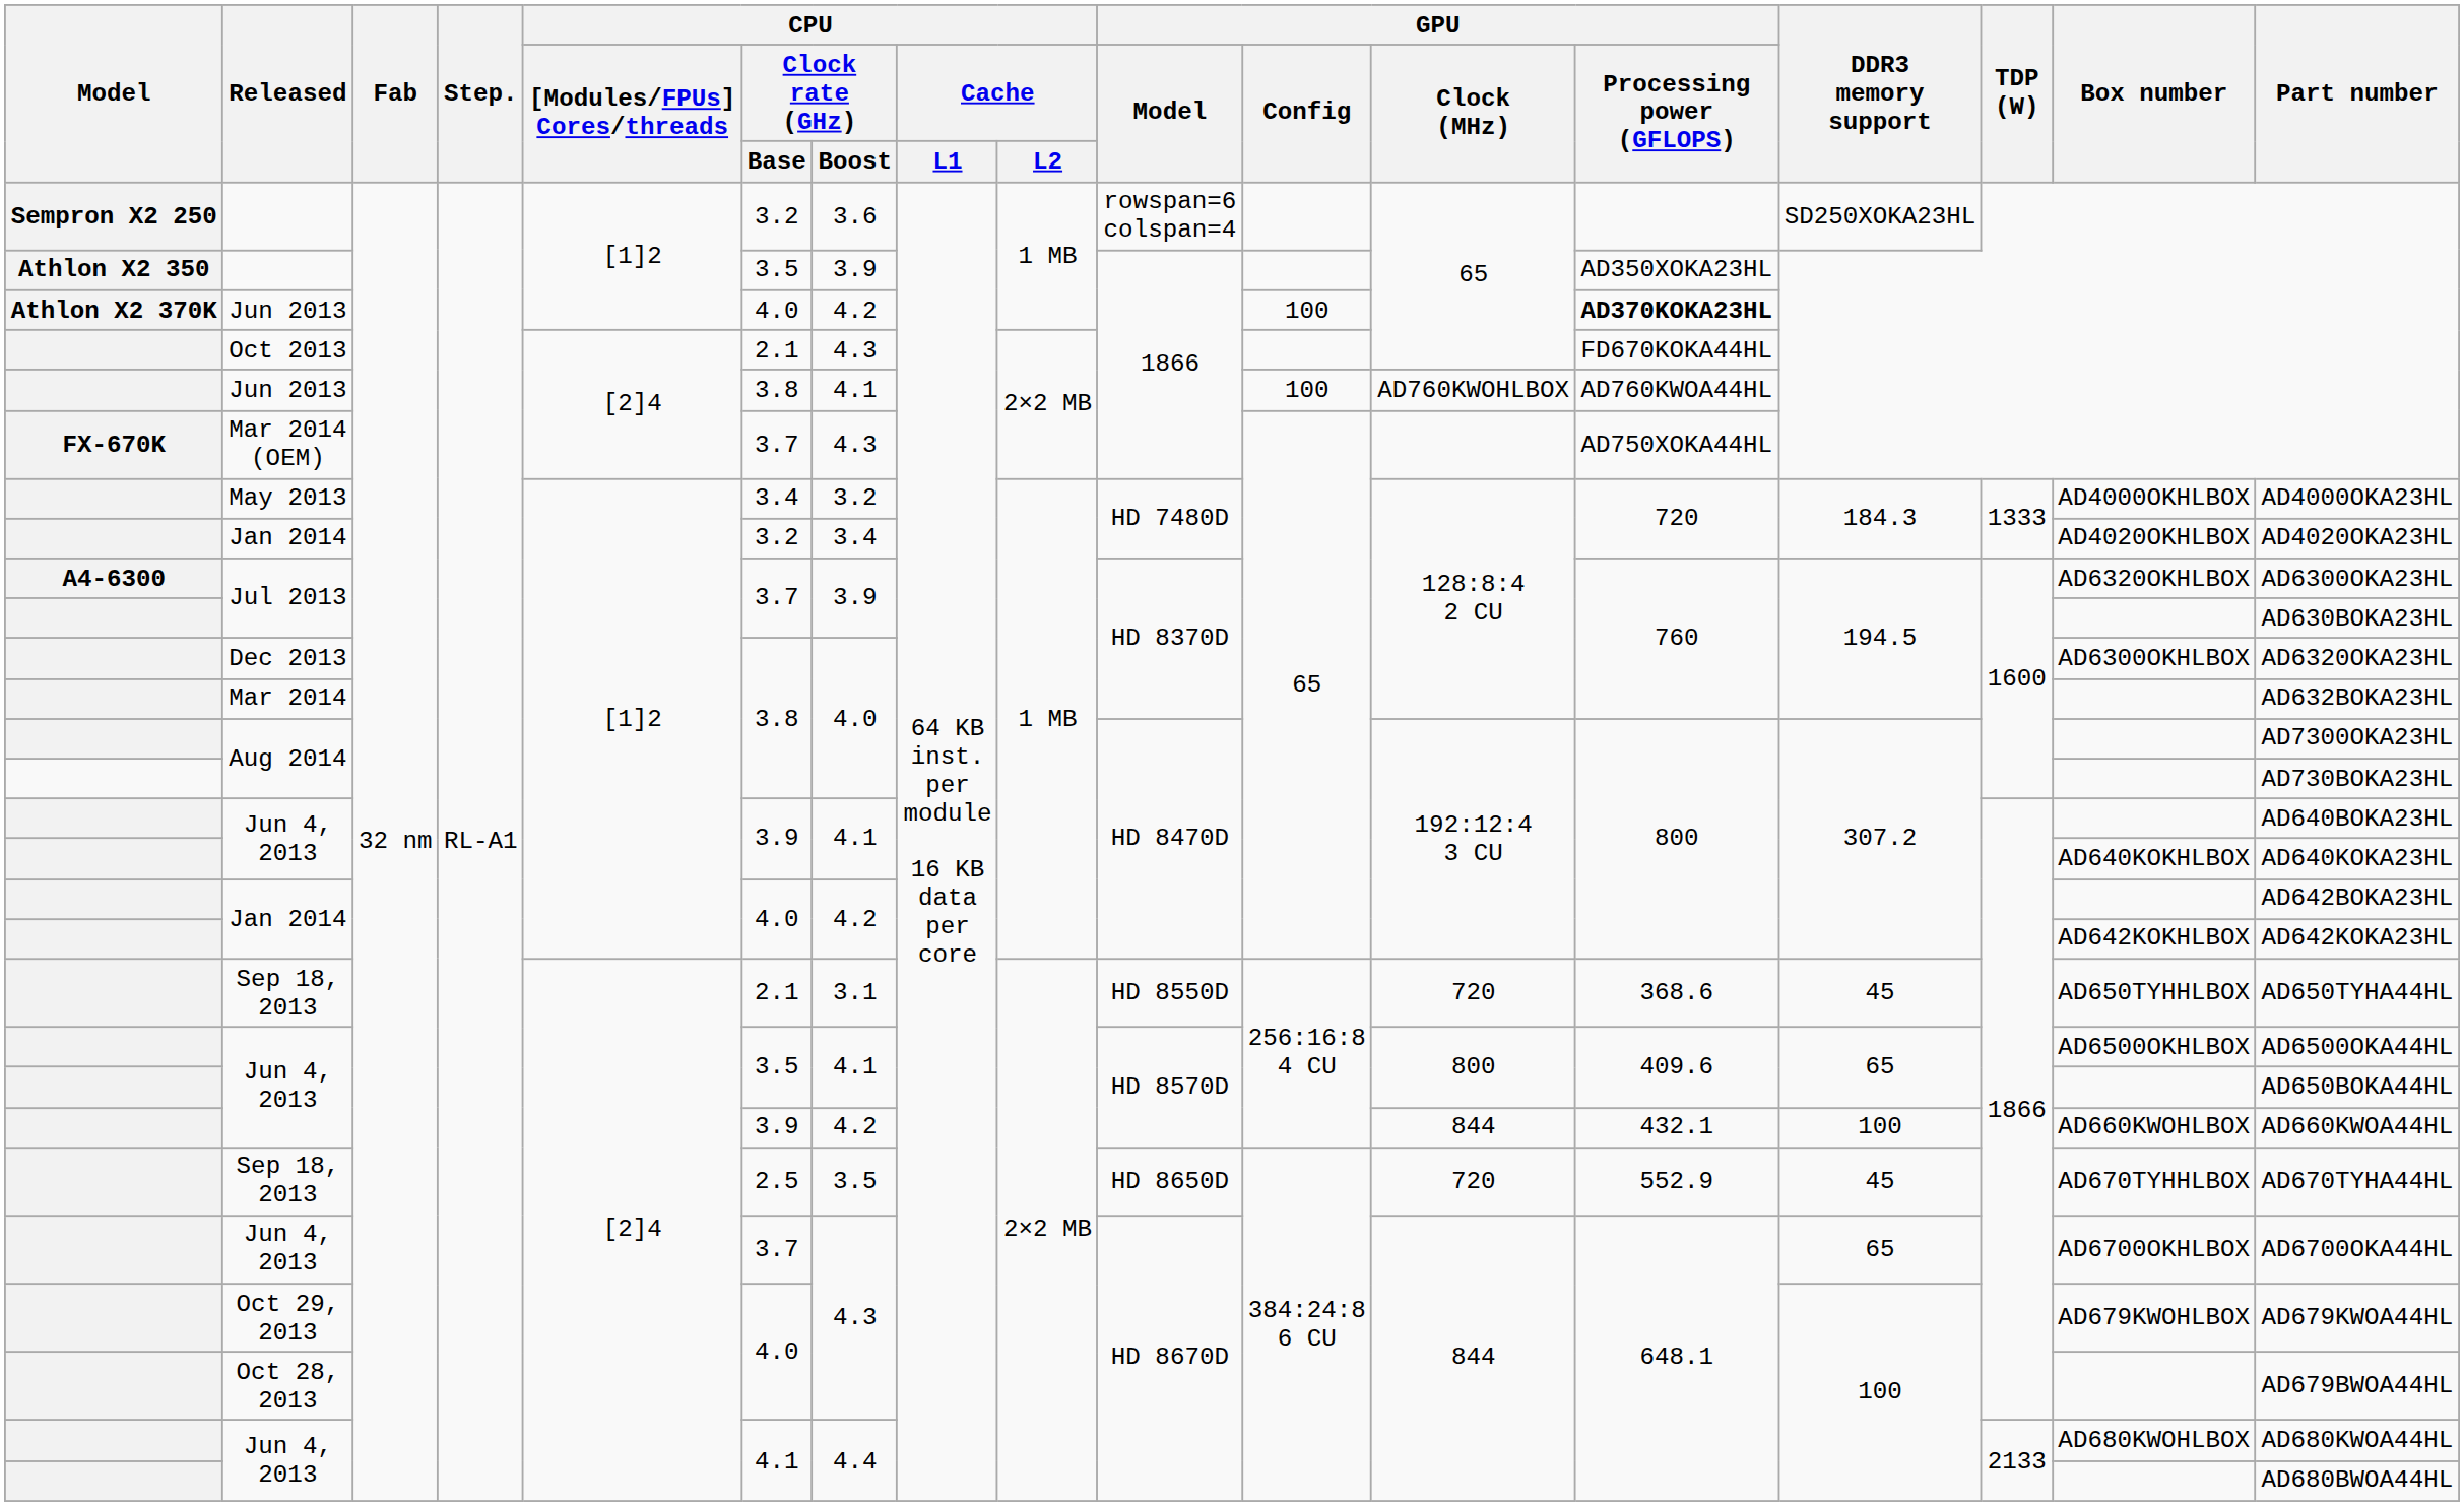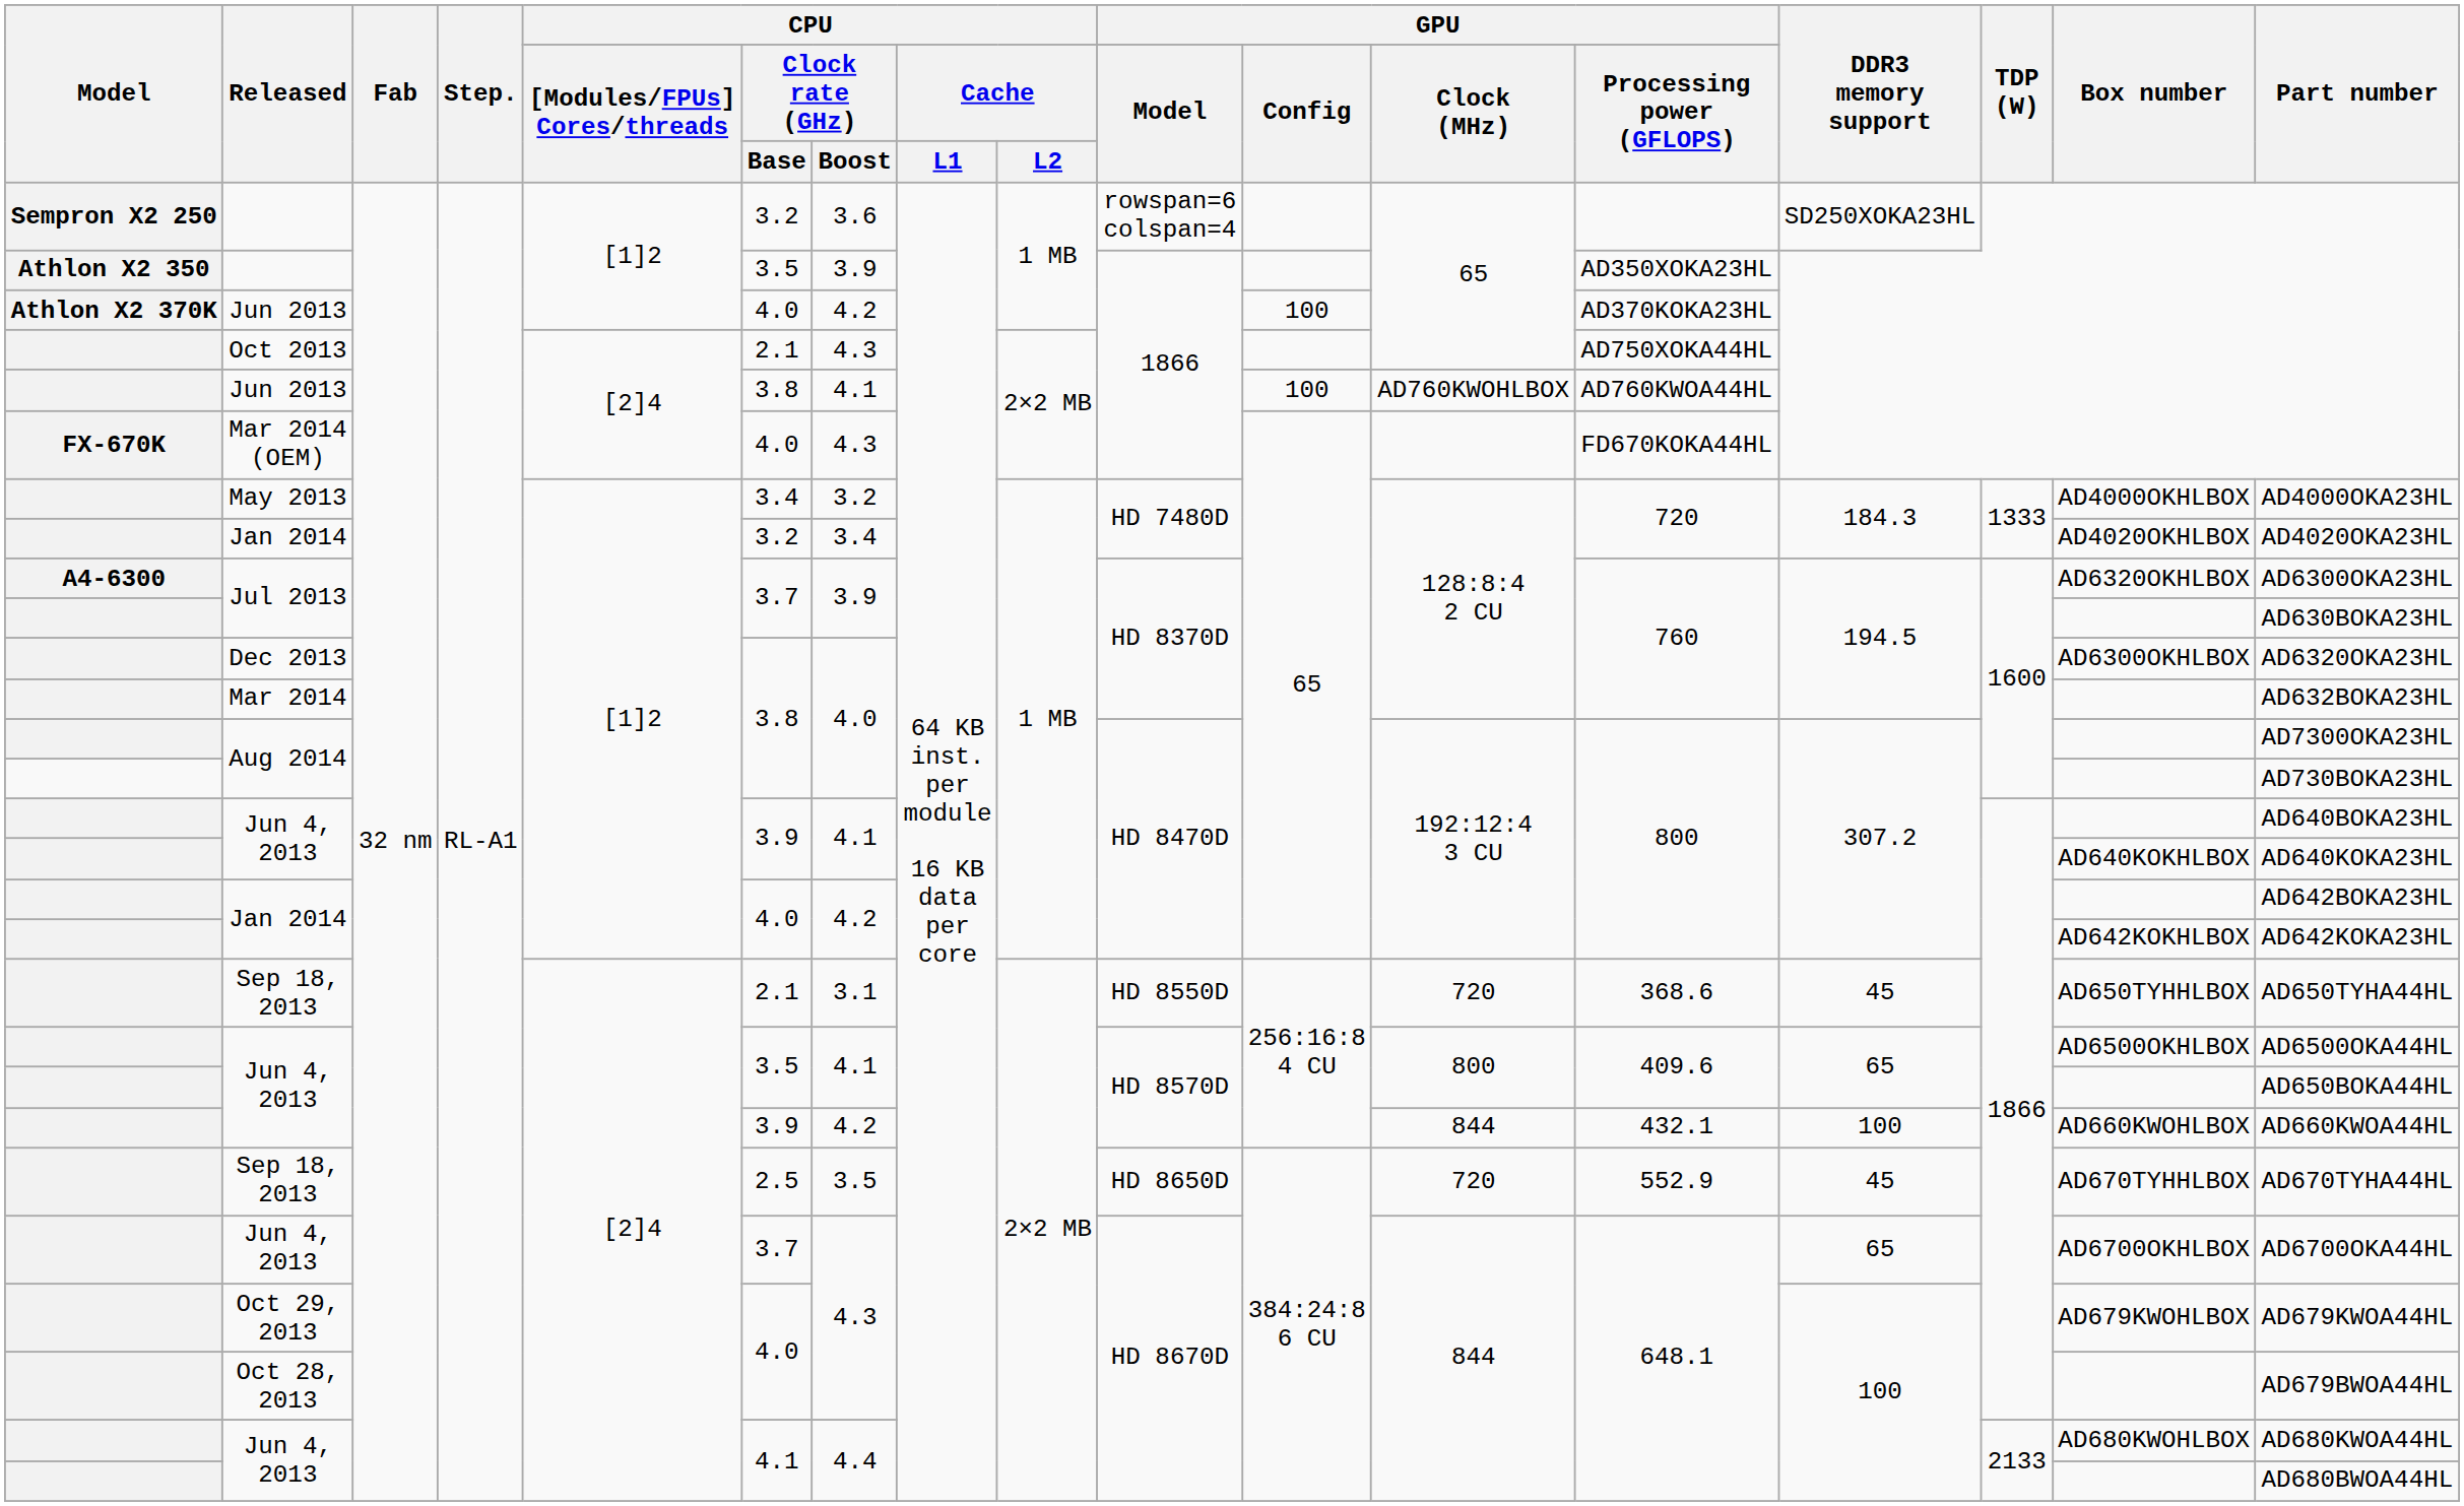 <table class="wikitable" style="text-align:center;">
 <tr>
 <th rowspan="3">Model</th>
 <th rowspan="3">Released</th>
 <th rowspan="3">Fab</th>
 <th rowspan="3">Step.</th>
 <th colspan="5">CPU</th>
 <th colspan="4">GPU</th>
 <th rowspan="3">DDR3<br>memory<br>support</th>
 <th rowspan="3">TDP<br>(W)</th>
 <th rowspan="3">Box number</th>
 <th rowspan="3">Part number</th>
 </tr>
 <tr>
 <th rowspan="2">[Modules/<a href='#'>FPUs</a>]<br><a href='#'>Cores</a>/<a href='#'>threads</a></th>
 <th colspan="2"><a href='#'>Clock rate</a> (<a href='#'>GHz</a>)</th>
 <th colspan="2"><a href='#'>Cache</a></th>
 <th rowspan="2">Model</th>
 <th rowspan="2">Config</th>
 <th rowspan="2">Clock<br>(MHz)</th>
 <th rowspan="2">Processing<br>power<br>(<a href='#'>GFLOPS</a>)</th>
 </tr>
 <tr>
 <th>Base</th>
 <th>Boost</th>
 <th><a href='#'>L1</a></th>
 <th><a href='#'>L2</a></th>
 </tr>
 <tr>
 <th>Sempron X2 250</th>
 <td></td>
 <td rowspan="28">32 nm</td>
 <td rowspan="28">RL-A1</td>
 <td rowspan="3">[1]2</td>
 <td>3.2</td>
 <td>3.6</td>
 <td rowspan="28">64 KB inst.<br>per module<br><br>16 KB data<br>per core</td>
 <td rowspan="3">1 MB</td>
 <td>rowspan=6 colspan=4 </td>
 <td></td>
 <td rowspan=4>65</td>
 <td></td>
 <td>SD250XOKA23HL</td>
 </tr>
 <tr>
 <th>Athlon X2 350</th>
 <td></td>
 <td>3.5</td>
 <td>3.9</td>
 <td rowspan=5>1866</td>
 <td></td>
 <td>AD350XOKA23HL</td>
 </tr>
 <tr>
 <th>Athlon X2 370K</th>
 <td>Jun 2013</td>
 <td>4.0</td>
 <td>4.2</td>
 <td>100</td>
-<td><strong>AD370KOKA23HL</strong></td>
+<td>AD370KOKA23HL</td>
 </tr>
 <tr>
 <th></th>
 <td>Oct 2013</td>
 <td rowspan=3>[2]4</td>
 <td>2.1</td>
 <td>4.3</td>
 <td rowspan=3>2×2 MB</td>
 <td></td>
-<td>FD670KOKA44HL</td>
+<td>AD750XOKA44HL</td>
 </tr>
 <tr>
 <th></th>
 <td>Jun 2013</td>
 <td>3.8</td>
 <td>4.1</td>
 <td>100</td>
 <td>AD760KWOHLBOX</td>
 <td>AD760KWOA44HL</td>
 </tr>
 <tr>
 <th>FX-670K</th>
 <td>Mar 2014 (OEM)</td>
-<td>3.7</td>
+<td>4.0</td>
 <td>4.3</td>
 <td rowspan=13>65</td>
 <td></td>
-<td>AD750XOKA44HL</td>
+<td>FD670KOKA44HL</td>
 </tr>
 <tr>
 <th></th>
 <td>May 2013</td>
 <td rowspan=12>[1]2</td>
 <td>3.4</td>
 <td>3.2</td>
 <td rowspan=12>1 MB</td>
 <td rowspan=2>HD 7480D</td>
 <td rowspan=6>128:8:4<br>2 CU</td>
 <td rowspan=2>720</td>
 <td rowspan=2>184.3</td>
 <td rowspan=2>1333</td>
 <td>AD4000OKHLBOX</td>
 <td>AD4000OKA23HL</td>
 </tr>
 <tr>
 <th></th>
 <td>Jan 2014</td>
 <td>3.2</td>
 <td>3.4</td>
 <td>AD4020OKHLBOX</td>
 <td>AD4020OKA23HL</td>
 </tr>
 <tr>
 <th>A4-6300</th>
 <td rowspan=2>Jul 2013</td>
 <td rowspan=2>3.7</td>
 <td rowspan=2>3.9</td>
 <td rowspan=4>HD 8370D</td>
 <td rowspan=4>760</td>
 <td rowspan=4>194.5</td>
 <td rowspan=6>1600</td>
 <td>AD6320OKHLBOX</td>
 <td>AD6300OKA23HL</td>
 </tr>
 <tr>
 <th></th>
 <td></td>
 <td>AD630BOKA23HL</td>
 </tr>
 <tr>
 <th></th>
 <td>Dec 2013</td>
 <td rowspan=4>3.8</td>
 <td rowspan=4>4.0</td>
 <td>AD6300OKHLBOX</td>
 <td>AD6320OKA23HL</td>
 </tr>
 <tr>
 <th></th>
 <td>Mar 2014</td>
 <td></td>
 <td>AD632BOKA23HL</td>
 </tr>
 <tr>
 <th></th>
 <td rowspan=2>Aug 2014</td>
 <td rowspan=6>HD 8470D</td>
 <td rowspan=6>192:12:4<br>3 CU</td>
 <td rowspan=6>800</td>
 <td rowspan=6>307.2</td>
 <td></td>
 <td>AD7300OKA23HL</td>
 </tr>
 <tr>
 <td></td>
 <td></td>
 <td>AD730BOKA23HL</td>
 </tr>
 <tr>
 <th></th>
 <td rowspan=2>Jun 4, 2013</td>
 <td rowspan=2>3.9</td>
 <td rowspan=2>4.1</td>
 <td rowspan=12>1866</td>
 <td></td>
 <td>AD640BOKA23HL</td>
 </tr>
 <tr>
 <th></th>
 <td>AD640KOKHLBOX</td>
 <td>AD640KOKA23HL</td>
 </tr>
 <tr>
 <th></th>
 <td rowspan=2>Jan 2014</td>
 <td rowspan=2>4.0</td>
 <td rowspan=2>4.2</td>
 <td></td>
 <td>AD642BOKA23HL</td>
 </tr>
 <tr>
 <th></th>
 <td>AD642KOKHLBOX</td>
 <td>AD642KOKA23HL</td>
 </tr>
 <tr>
 <th></th>
 <td>Sep 18, 2013</td>
 <td rowspan=10>[2]4</td>
 <td>2.1</td>
 <td>3.1</td>
 <td rowspan=10>2×2 MB</td>
 <td>HD 8550D</td>
 <td rowspan=4>256:16:8<br>4 CU</td>
 <td>720</td>
 <td>368.6</td>
 <td>45</td>
 <td>AD650TYHHLBOX</td>
 <td>AD650TYHA44HL</td>
 </tr>
 <tr>
 <th></th>
 <td rowspan=3>Jun 4, 2013</td>
 <td rowspan=2>3.5</td>
 <td rowspan=2>4.1</td>
 <td rowspan=3>HD 8570D</td>
 <td rowspan=2>800</td>
 <td rowspan=2>409.6</td>
 <td rowspan=2>65</td>
 <td>AD6500OKHLBOX</td>
 <td>AD6500OKA44HL</td>
 </tr>
 <tr>
 <th></th>
 <td></td>
 <td>AD650BOKA44HL</td>
 </tr>
 <tr>
 <th></th>
 <td>3.9</td>
 <td>4.2</td>
 <td>844</td>
 <td>432.1</td>
 <td>100</td>
 <td>AD660KWOHLBOX</td>
 <td>AD660KWOA44HL</td>
 </tr>
 <tr>
 <th></th>
 <td>Sep 18, 2013</td>
 <td>2.5</td>
 <td>3.5</td>
 <td>HD 8650D</td>
 <td rowspan=6>384:24:8<br>6 CU</td>
 <td>720</td>
 <td>552.9</td>
 <td>45</td>
 <td>AD670TYHHLBOX</td>
 <td>AD670TYHA44HL</td>
 </tr>
 <tr>
 <th></th>
 <td>Jun 4, 2013</td>
 <td>3.7</td>
 <td rowspan=3>4.3</td>
 <td rowspan=5>HD 8670D</td>
 <td rowspan=5>844</td>
 <td rowspan=5>648.1</td>
 <td>65</td>
 <td>AD6700OKHLBOX</td>
 <td>AD6700OKA44HL</td>
 </tr>
 <tr>
 <th></th>
 <td>Oct 29, 2013</td>
 <td rowspan=2>4.0</td>
 <td rowspan=4>100</td>
 <td>AD679KWOHLBOX</td>
 <td>AD679KWOA44HL</td>
 </tr>
 <tr>
 <th></th>
 <td>Oct 28, 2013</td>
 <td></td>
 <td>AD679BWOA44HL</td>
 </tr>
 <tr>
 <th></th>
 <td rowspan=2>Jun 4, 2013</td>
 <td rowspan=2>4.1</td>
 <td rowspan=2>4.4</td>
 <td rowspan=2>2133</td>
 <td>AD680KWOHLBOX</td>
 <td>AD680KWOA44HL</td>
 </tr>
 <tr>
 <th></th>
 <td></td>
 <td>AD680BWOA44HL</td>
 </tr>
 </table>
